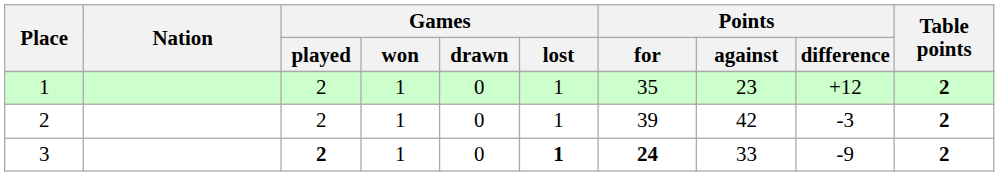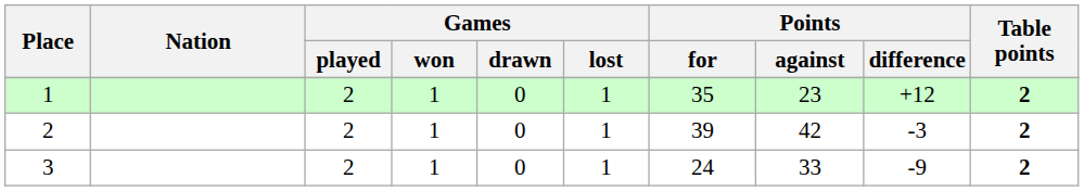 <table class="wikitable">
 <tr>
 <th rowspan=2 width="8%">Place</th>
 <th rowspan=2 width="20%">Nation</th>
 <th colspan=4 width="32%">Games</th>
 <th colspan=3 width="30%">Points</th>
 <th rowspan=2 width="10%">Table<br>points</th>
 </tr>
 <tr>
 <th width="8%">played</th>
 <th width="8%">won</th>
 <th width="8%">drawn</th>
 <th width="8%">lost</th>
 <th width="10%">for</th>
 <th width="10%">against</th>
 <th width="10%">difference</th>
 </tr>
 <tr>
 </tr>
 <tr bgcolor=#ccffcc align=center>
 <td>1</td>
 <td align=left></td>
 <td>2</td>
 <td>1</td>
 <td>0</td>
 <td>1</td>
 <td>35</td>
 <td>23</td>
 <td>+12</td>
 <td><strong>2</strong></td>
 </tr>
 <tr bgcolor=#ffffff align=center>
 <td>2</td>
 <td align=left></td>
 <td>2</td>
 <td>1</td>
 <td>0</td>
 <td>1</td>
 <td>39</td>
 <td>42</td>
 <td>-3</td>
 <td><strong>2</strong></td>
 </tr>
 <tr bgcolor=#ffffff align=center>
 <td>3</td>
 <td align=left></td>
-<td><strong>2</strong></td>
+<td>2</td>
 <td>1</td>
 <td>0</td>
-<td><strong>1</strong></td>
-<td><strong>24</strong></td>
+<td>1</td>
+<td>24</td>
 <td>33</td>
 <td>-9</td>
 <td><strong>2</strong></td>
 </tr>
 </table>
